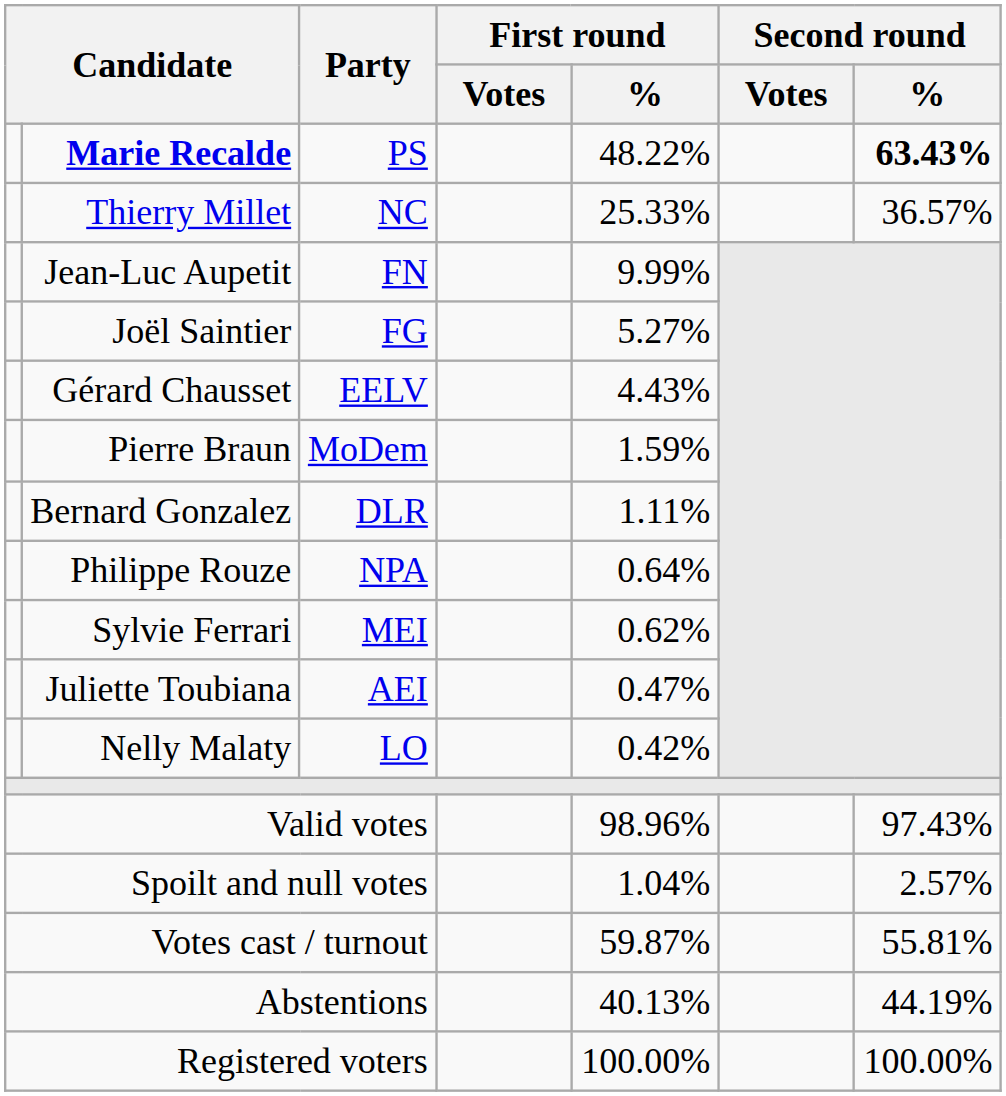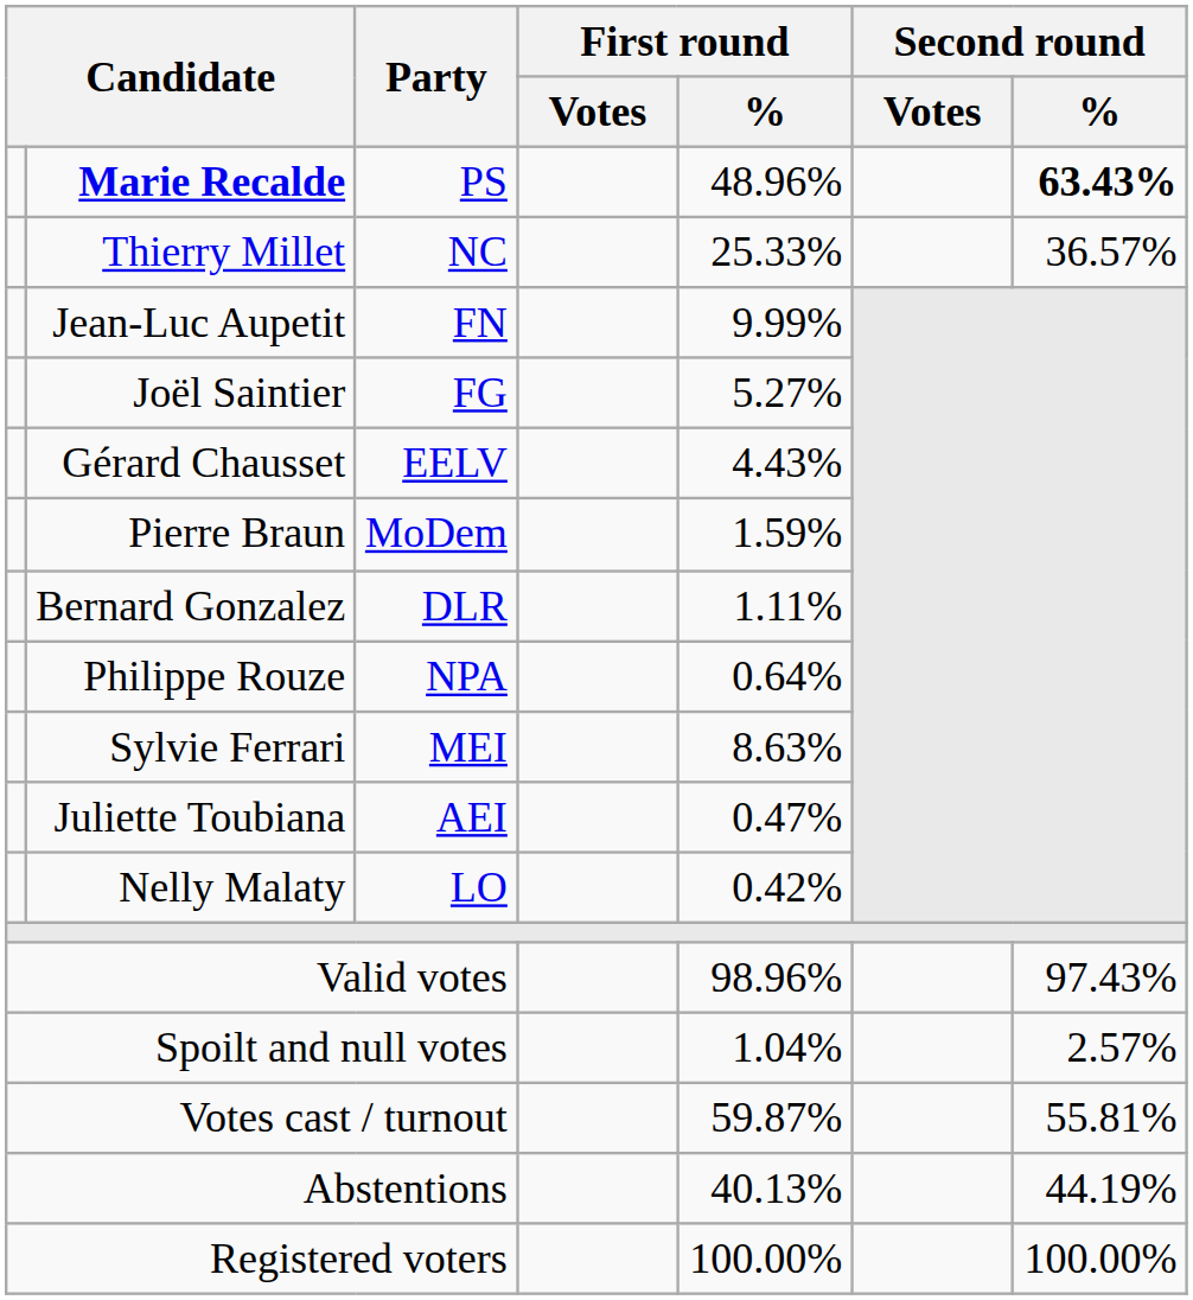 <table class="wikitable" style="text-align:right;font-size:95%;">
 <tr>
 <th rowspan=2 colspan=2>Candidate</th>
 <th rowspan=2 colspan=1>Party</th>
 <th colspan=2>First round</th>
 <th colspan=2>Second round</th>
 </tr>
 <tr>
 <th style="width:50px;">Votes</th>
 <th style="width:55px;">%</th>
 <th style="width:50px;">Votes</th>
 <th style="width:55px;">%</th>
 </tr>
 <tr>
 <td style="color:inherit;background-color:"></td>
 <td><strong><a href='#'>Marie Recalde</a></strong></td>
 <td><a href='#'>PS</a></td>
 <td></td>
-<td>48.22%</td>
+<td>48.96%</td>
 <td><strong></strong></td>
 <td><strong>63.43%</strong></td>
 </tr>
 <tr>
 <td style="color:inherit;background-color:"></td>
 <td><a href='#'>Thierry Millet</a></td>
 <td><a href='#'>NC</a></td>
 <td></td>
 <td>25.33%</td>
 <td></td>
 <td>36.57%</td>
 </tr>
 <tr>
 <td style="color:inherit;background-color:"></td>
 <td>Jean-Luc Aupetit</td>
 <td><a href='#'>FN</a></td>
 <td></td>
 <td>9.99%</td>
 <td colspan=7 rowspan=9 style="background-color:#E9E9E9;"></td>
 </tr>
 <tr>
 <td style="color:inherit;background-color:"></td>
 <td>Joël Saintier</td>
 <td><a href='#'>FG</a></td>
 <td></td>
 <td>5.27%</td>
 </tr>
 <tr>
 <td style="color:inherit;background-color:"></td>
 <td>Gérard Chausset</td>
 <td><a href='#'>EELV</a></td>
 <td></td>
 <td>4.43%</td>
 </tr>
 <tr>
 <td style="color:inherit;background-color:"></td>
 <td>Pierre Braun</td>
 <td><a href='#'>MoDem</a></td>
 <td></td>
 <td>1.59%</td>
 </tr>
 <tr>
 <td style="color:inherit;background-color:"></td>
 <td>Bernard Gonzalez</td>
 <td><a href='#'>DLR</a></td>
 <td></td>
 <td>1.11%</td>
 </tr>
 <tr>
 <td style="color:inherit;background-color:"></td>
 <td>Philippe Rouze</td>
 <td><a href='#'>NPA</a></td>
 <td></td>
 <td>0.64%</td>
 </tr>
 <tr>
 <td style="color:inherit;background-color:"></td>
 <td>Sylvie Ferrari</td>
 <td><a href='#'>MEI</a></td>
 <td></td>
-<td>0.62%</td>
+<td>8.63%</td>
 </tr>
 <tr>
 <td style="color:inherit;background-color:"></td>
 <td>Juliette Toubiana</td>
 <td><a href='#'>AEI</a></td>
 <td></td>
 <td>0.47%</td>
 </tr>
 <tr>
 <td style="color:inherit;background-color:"></td>
 <td>Nelly Malaty</td>
 <td><a href='#'>LO</a></td>
 <td></td>
 <td>0.42%</td>
 </tr>
 <tr>
 <td colspan=7 style="background-color:#E9E9E9;"></td>
 </tr>
 <tr>
 <td colspan=3>Valid votes</td>
 <td></td>
 <td>98.96%</td>
 <td></td>
 <td>97.43%</td>
 </tr>
 <tr>
 <td colspan=3>Spoilt and null votes</td>
 <td></td>
 <td>1.04%</td>
 <td></td>
 <td>2.57%</td>
 </tr>
 <tr>
 <td colspan=3>Votes cast / turnout</td>
 <td></td>
 <td>59.87%</td>
 <td></td>
 <td>55.81%</td>
 </tr>
 <tr>
 <td colspan=3>Abstentions</td>
 <td></td>
 <td>40.13%</td>
 <td></td>
 <td>44.19%</td>
 </tr>
 <tr>
 <td colspan=3>Registered voters</td>
 <td></td>
 <td>100.00%</td>
 <td></td>
 <td>100.00%</td>
 </tr>
 </table>
